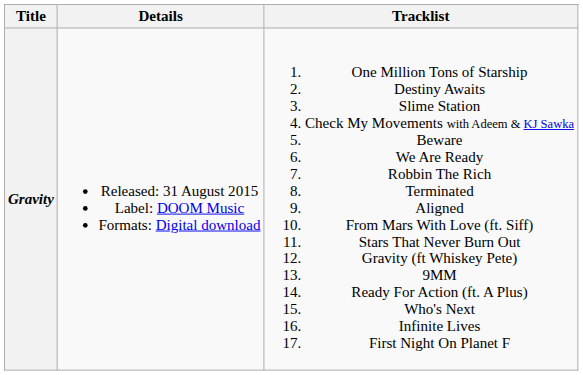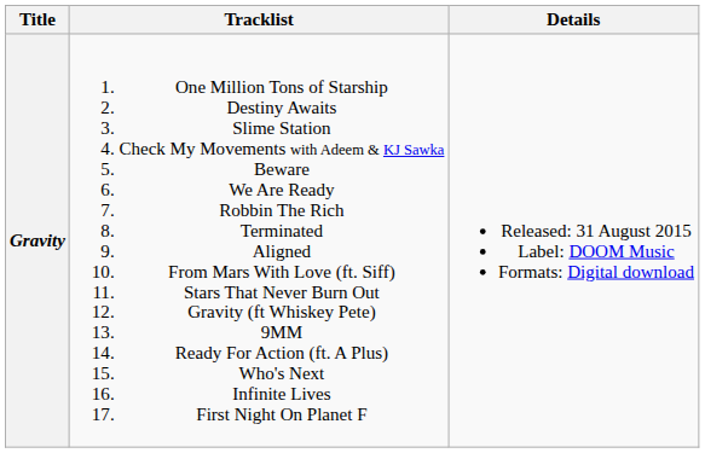 <table class="wikitable plainrowheaders" style="text-align:center;">
 <tr>
 <th scope="col">Title</th>
+<th scope="col">Tracklist</th>
 <th scope="col">Details</th>
-<th scope="col">Tracklist</th>
 </tr>
 <tr>
 <th scope="row"><em>Gravity</em></th>
+<td><br><ol><li>One Million Tons of Starship</li><li>Destiny Awaits</li><li>Slime Station</li><li>Check My Movements <small>with Adeem & <a href='#'>KJ Sawka</a></small></li><li>Beware</li><li>We Are Ready</li><li>Robbin The Rich</li><li>Terminated</li><li>Aligned</li><li>From Mars With Love (ft. Siff)</li><li>Stars That Never Burn Out</li><li>Gravity (ft Whiskey Pete)</li><li>9MM</li><li>Ready For Action (ft. A Plus)</li><li>Who's Next</li><li>Infinite Lives</li><li>First Night On Planet F</li></ol></td>
 <td><br><ul><li>Released: 31 August 2015</li><li>Label: <a href='#'>DOOM Music</a></li><li>Formats: <a href='#'>Digital download</a></li></ul></td>
-<td><br><ol><li>One Million Tons of Starship</li><li>Destiny Awaits</li><li>Slime Station</li><li>Check My Movements <small>with Adeem & <a href='#'>KJ Sawka</a></small></li><li>Beware</li><li>We Are Ready</li><li>Robbin The Rich</li><li>Terminated</li><li>Aligned</li><li>From Mars With Love (ft. Siff)</li><li>Stars That Never Burn Out</li><li>Gravity (ft Whiskey Pete)</li><li>9MM</li><li>Ready For Action (ft. A Plus)</li><li>Who's Next</li><li>Infinite Lives</li><li>First Night On Planet F</li></ol></td>
 </tr>
 </table>
